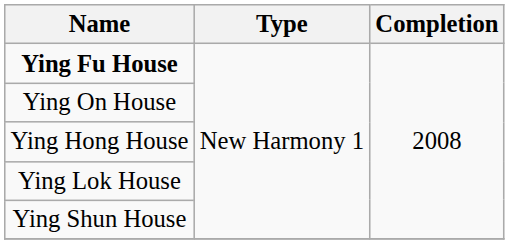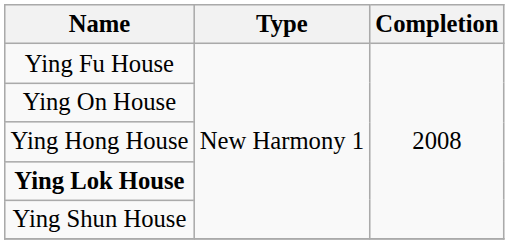 <table class="wikitable" style="text-align: center">
 <tr>
 <th>Name</th>
 <th>Type</th>
 <th>Completion</th>
 </tr>
 <tr>
-<td><strong>Ying Fu House</strong></td>
+<td>Ying Fu House</td>
 <td rowspan="5">New Harmony 1</td>
 <td rowspan="5">2008</td>
 </tr>
 <tr>
 <td>Ying On House</td>
 </tr>
 <tr>
 <td>Ying Hong House</td>
 </tr>
 <tr>
-<td>Ying Lok House</td>
+<td><strong>Ying Lok House</strong></td>
 </tr>
 <tr>
 <td>Ying Shun House</td>
 </tr>
 <tr>
 </tr>
 </table>
